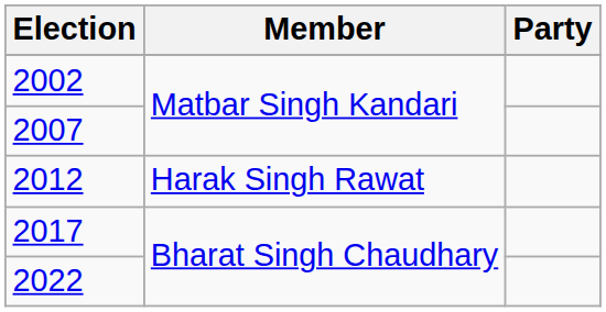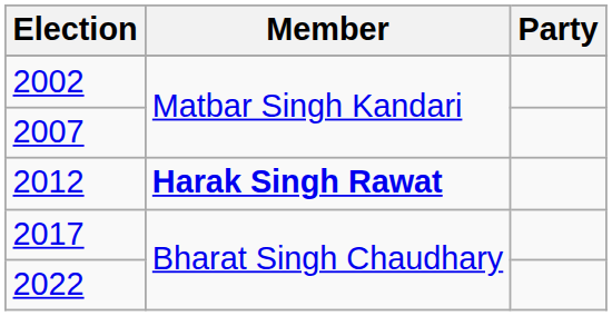 <table class="wikitable sortable">
 <tr>
 <th>Election</th>
 <th>Member</th>
 <th colspan=2>Party</th>
 </tr>
 <tr>
 </tr>
 <tr>
 <td><a href='#'>2002</a></td>
 <td rowspan=2><a href='#'>Matbar Singh Kandari</a></td>
 <td></td>
 </tr>
 <tr>
 <td><a href='#'>2007</a></td>
 </tr>
 <tr>
 <td><a href='#'>2012</a></td>
-<td><a href='#'>Harak Singh Rawat</a></td>
+<td><strong><a href='#'>Harak Singh Rawat</a></strong></td>
 <td></td>
 </tr>
 <tr>
 <td><a href='#'>2017</a></td>
 <td rowspan=2><a href='#'>Bharat Singh Chaudhary</a></td>
 <td></td>
 </tr>
 <tr>
 <td><a href='#'>2022</a></td>
 </tr>
 </table>
